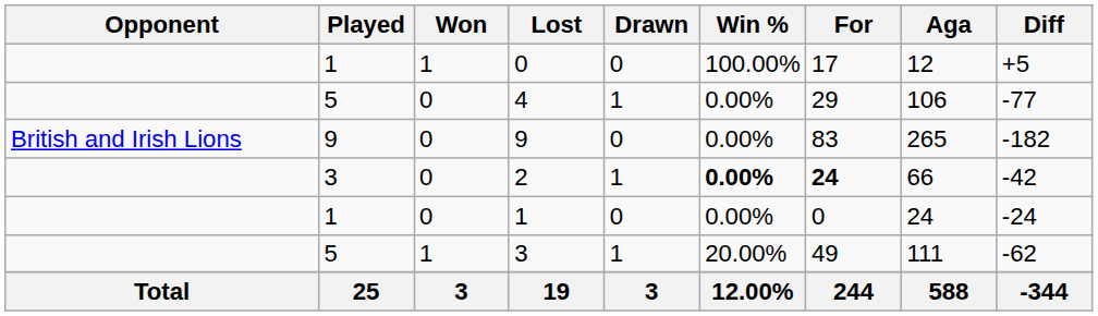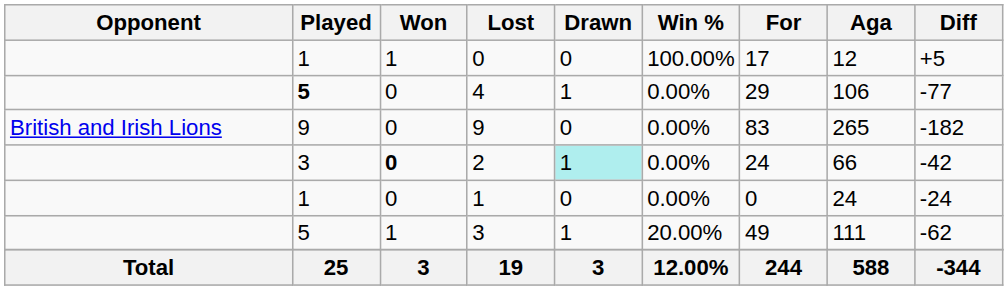 <table class="wikitable sortable" style="font-size:90%">
 <tr>
 <th style="width:180px;">Opponent</th>
 <th style="width:50px;">Played</th>
 <th style="width:50px;">Won</th>
 <th style="width:50px;">Lost</th>
 <th style="width:50px;">Drawn</th>
 <th style="width:50px;">Win %</th>
 <th style="width:50px;">For</th>
 <th style="width:50px;">Aga</th>
 <th style="width:50px;">Diff</th>
 </tr>
 <tr>
 <td></td>
 <td>1</td>
 <td>1</td>
 <td>0</td>
 <td>0</td>
 <td>100.00%</td>
 <td>17</td>
 <td>12</td>
 <td>+5</td>
 </tr>
 <tr>
 <td></td>
-<td>5</td>
+<td><strong>5</strong></td>
 <td>0</td>
 <td>4</td>
 <td>1</td>
 <td>0.00%</td>
 <td>29</td>
 <td>106</td>
 <td>-77</td>
 </tr>
 <tr>
 <td><a href='#'>British and Irish Lions</a></td>
 <td>9</td>
 <td>0</td>
 <td>9</td>
 <td>0</td>
 <td>0.00%</td>
 <td>83</td>
 <td>265</td>
 <td>-182</td>
 </tr>
 <tr>
 <td></td>
 <td>3</td>
-<td>0</td>
+<td><strong>0</strong></td>
 <td>2</td>
-<td>1</td>
-<td><strong>0.00%</strong></td>
-<td><strong>24</strong></td>
+<td style="background: paleturquoise;">1</td>
+<td>0.00%</td>
+<td>24</td>
 <td>66</td>
 <td>-42</td>
 </tr>
 <tr>
 <td></td>
 <td>1</td>
 <td>0</td>
 <td>1</td>
 <td>0</td>
 <td>0.00%</td>
 <td>0</td>
 <td>24</td>
 <td>-24</td>
 </tr>
 <tr>
 <td></td>
 <td>5</td>
 <td>1</td>
 <td>3</td>
 <td>1</td>
 <td>20.00%</td>
 <td>49</td>
 <td>111</td>
 <td>-62</td>
 </tr>
 <tr>
 </tr>
 <tr class="sortbottom">
 <th>Total</th>
 <th>25</th>
 <th>3</th>
 <th>19</th>
 <th>3</th>
 <th>12.00%</th>
 <th>244</th>
 <th>588</th>
 <th>-344</th>
 </tr>
 </table>
